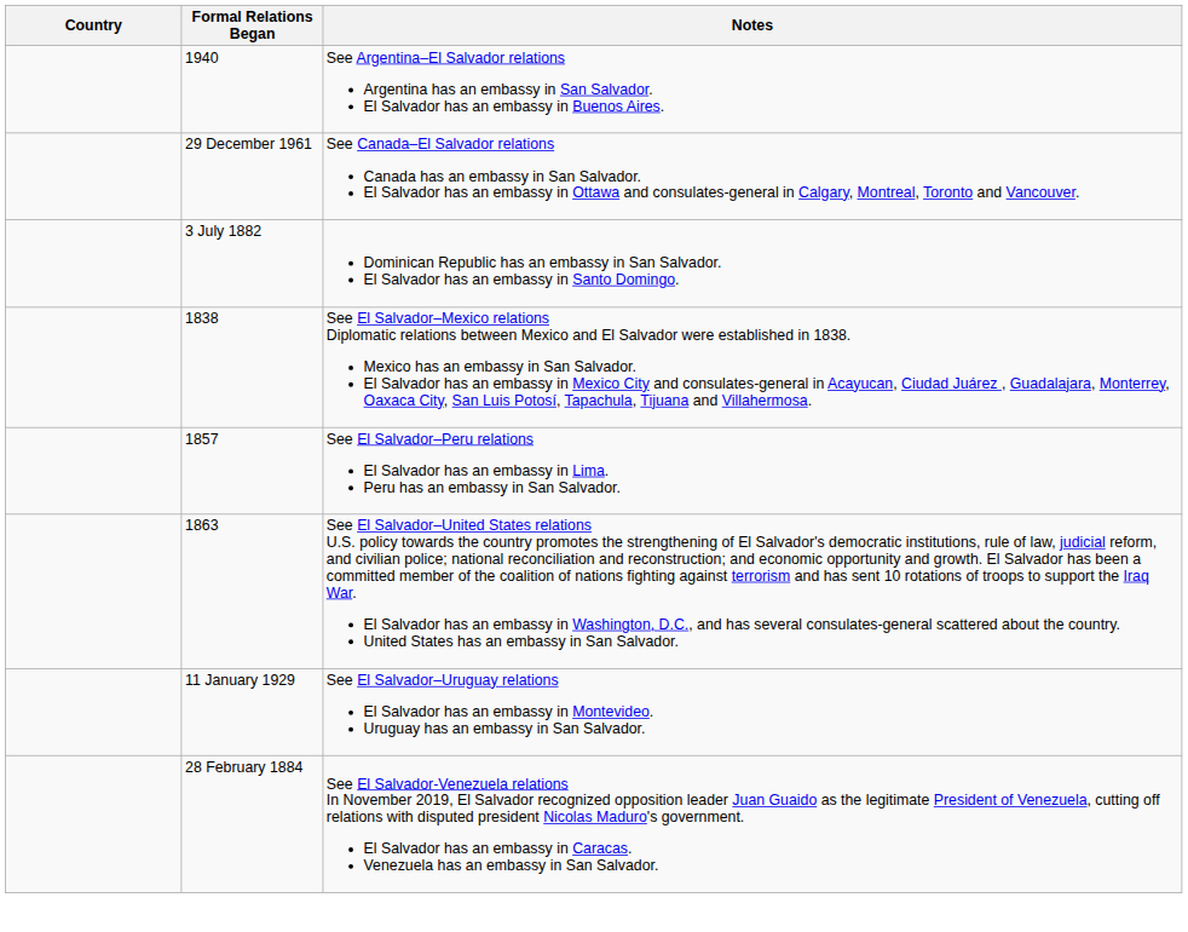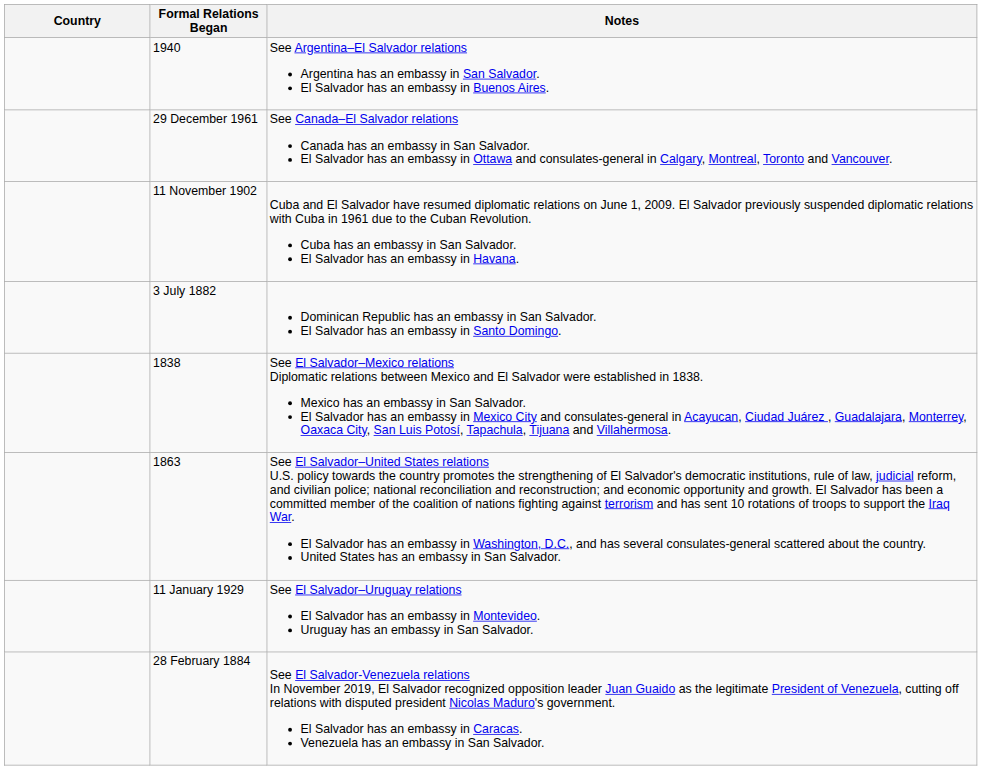 <table class="wikitable sortable" style="width:100%; margin:auto;">
 <tr>
 <th style="width:15%;">Country</th>
 <th style="width:12%;">Formal Relations Began</th>
 <th>Notes</th>
 </tr>
 <tr valign="top">
 <td></td>
 <td>1940</td>
 <td>See <a href='#'>Argentina–El Salvador relations</a><br><ul><li>Argentina has an embassy in <a href='#'>San Salvador</a>.</li><li>El Salvador has an embassy in <a href='#'>Buenos Aires</a>.</li></ul></td>
 </tr>
 <tr valign="top">
 <td></td>
 <td>29 December 1961</td>
 <td>See <a href='#'>Canada–El Salvador relations</a><br><ul><li>Canada has an embassy in San Salvador.</li><li>El Salvador has an embassy in <a href='#'>Ottawa</a> and consulates-general in <a href='#'>Calgary</a>, <a href='#'>Montreal</a>, <a href='#'>Toronto</a> and <a href='#'>Vancouver</a>.</li></ul></td>
 </tr>
 <tr valign="top">
 <td></td>
+<td>11 November 1902</td>
+<td><br>Cuba and El Salvador have resumed diplomatic relations on June 1, 2009. El Salvador previously suspended diplomatic relations with Cuba in 1961 due to the Cuban Revolution.<ul><li>Cuba has an embassy in San Salvador.</li><li>El Salvador has an embassy in <a href='#'>Havana</a>.</li></ul></td>
+</tr>
+<tr valign="top">
+<td></td>
 <td>3 July 1882</td>
 <td><br><ul><li>Dominican Republic has an embassy in San Salvador.</li><li>El Salvador has an embassy in <a href='#'>Santo Domingo</a>.</li></ul></td>
 </tr>
 <tr valign="top">
 <td></td>
 <td>1838</td>
 <td>See <a href='#'>El Salvador–Mexico relations</a><br>Diplomatic relations between Mexico and El Salvador were established in 1838.<ul><li>Mexico has an embassy in San Salvador.</li><li>El Salvador has an embassy in <a href='#'>Mexico City</a> and consulates-general in <a href='#'>Acayucan</a>, <a href='#'>Ciudad Juárez </a>, <a href='#'>Guadalajara</a>, <a href='#'>Monterrey</a>, <a href='#'>Oaxaca City</a>, <a href='#'>San Luis Potosí</a>, <a href='#'>Tapachula</a>, <a href='#'>Tijuana</a> and <a href='#'>Villahermosa</a>.</li></ul></td>
-</tr>
-<tr valign="top">
-<td></td>
-<td>1857</td>
-<td>See <a href='#'>El Salvador–Peru relations</a><br><ul><li>El Salvador has an embassy in <a href='#'>Lima</a>.</li><li>Peru has an embassy in San Salvador.</li></ul></td>
 </tr>
 <tr valign="top">
 <td></td>
 <td>1863</td>
 <td>See <a href='#'>El Salvador–United States relations</a><br>U.S. policy towards the country promotes the strengthening of El Salvador's democratic institutions, rule of law, <a href='#'>judicial</a> reform, and civilian police; national reconciliation and reconstruction; and economic opportunity and growth. El Salvador has been a committed member of the coalition of nations fighting against <a href='#'>terrorism</a> and has sent 10 rotations of troops to support the <a href='#'>Iraq War</a>. <ul><li>El Salvador has an embassy in <a href='#'>Washington, D.C.</a>, and has several consulates-general scattered about the country.</li><li>United States has an embassy in San Salvador.</li></ul></td>
 </tr>
 <tr valign="top">
 <td></td>
 <td>11 January 1929</td>
 <td>See <a href='#'>El Salvador–Uruguay relations</a><br><ul><li>El Salvador has an embassy in <a href='#'>Montevideo</a>.</li><li>Uruguay has an embassy in San Salvador.</li></ul></td>
 </tr>
 <tr valign="top">
 <td></td>
 <td>28 February 1884</td>
 <td><br>See <a href='#'>El Salvador-Venezuela relations</a><br>In November 2019, El Salvador recognized opposition leader <a href='#'>Juan Guaido</a> as the legitimate <a href='#'>President of Venezuela</a>, cutting off relations with disputed president <a href='#'>Nicolas Maduro</a>'s government.<ul><li>El Salvador has an embassy in <a href='#'>Caracas</a>.</li><li>Venezuela has an embassy in San Salvador.</li></ul></td>
 </tr>
 </table>
